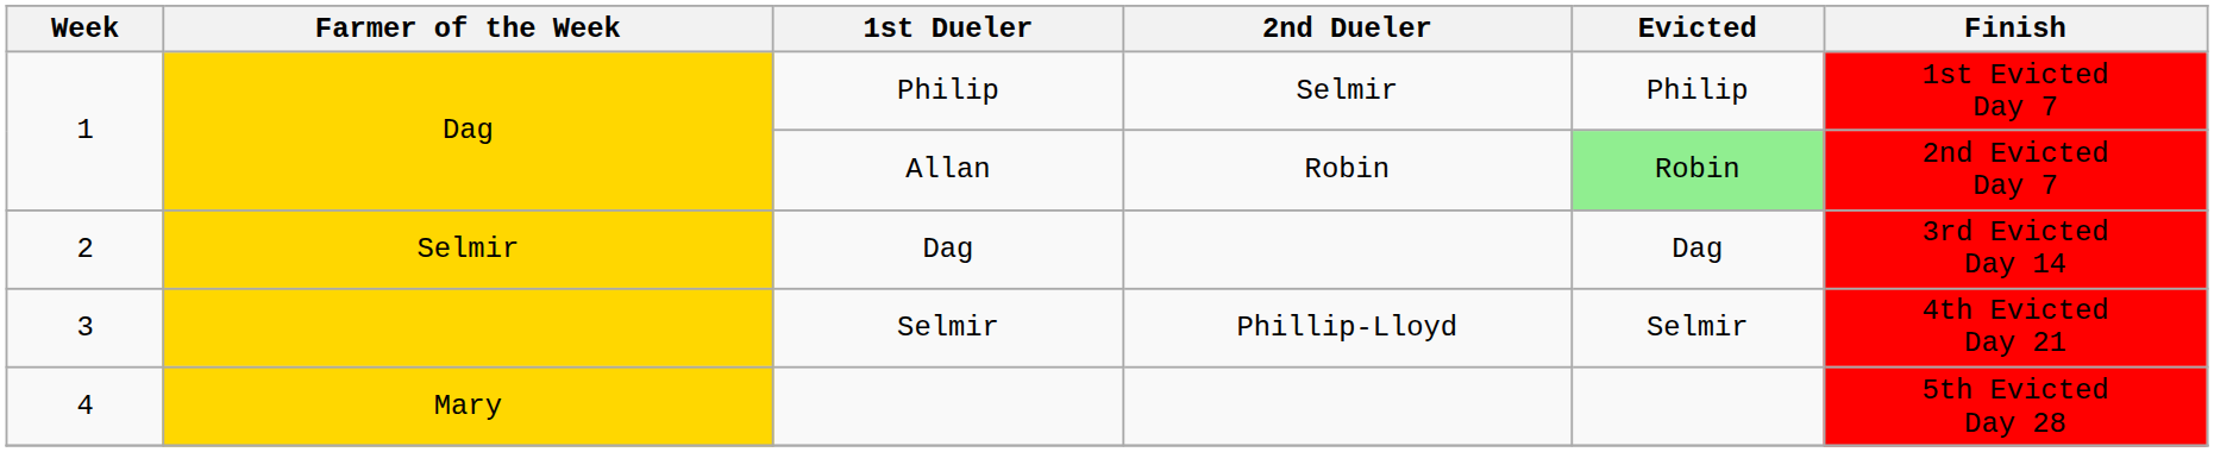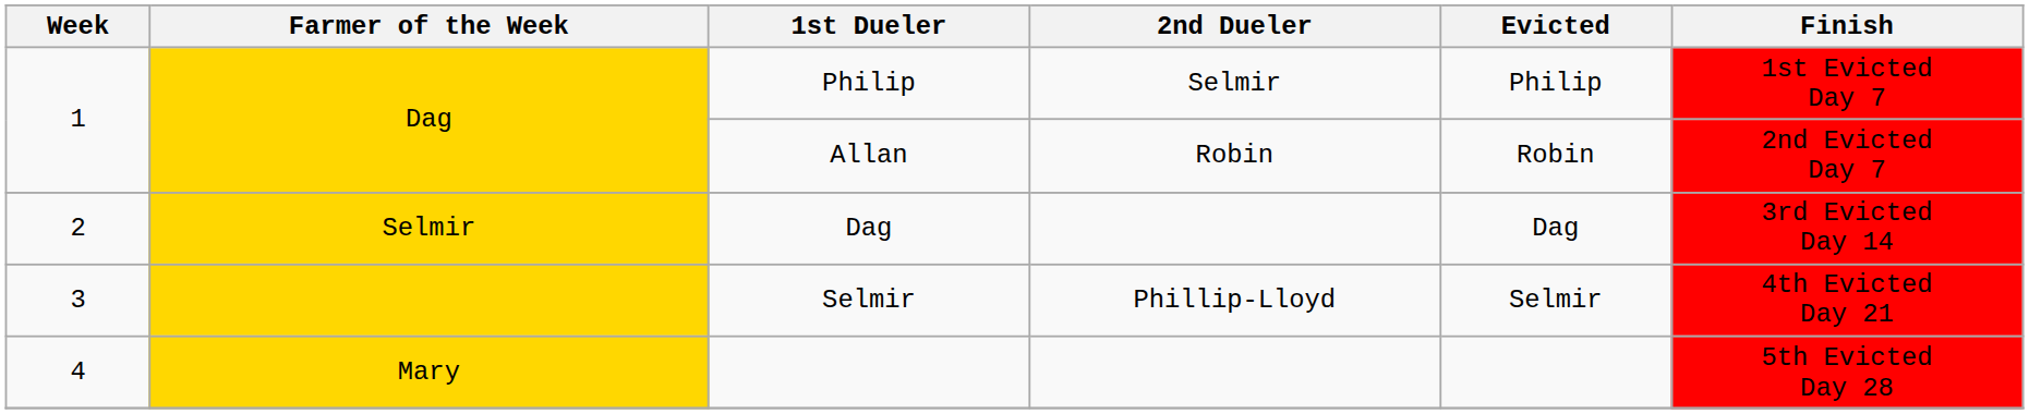 <table class="wikitable" style="font-size:100%; text-align:center; width: 80%; margin-left: auto; margin-right: auto;">
 <tr>
 <th>Week</th>
 <th>Farmer of the Week</th>
 <th>1st Dueler</th>
 <th>2nd Dueler</th>
 <th>Evicted</th>
 <th>Finish</th>
 </tr>
 <tr>
 <td rowspan="2">1</td>
 <td rowspan="2" style="background:gold;">Dag</td>
 <td rowspan="1">Philip</td>
 <td rowspan="1">Selmir</td>
 <td rowspan="1">Philip</td>
 <td rowspan="1" style="background:#ff0000">1st Evicted<br>Day 7</td>
 </tr>
 <tr>
 <td rowspan="1">Allan</td>
 <td rowspan="1">Robin</td>
-<td rowspan="1" style="background: lightgreen;">Robin</td>
+<td rowspan="1">Robin</td>
 <td rowspan="1" style="background:#ff0000">2nd Evicted<br>Day 7</td>
 </tr>
 <tr>
 <td>2</td>
 <td style="background:gold;">Selmir</td>
 <td>Dag</td>
 <td></td>
 <td>Dag</td>
 <td style="background:#ff0000">3rd Evicted<br>Day 14</td>
 </tr>
 <tr>
 <td>3</td>
 <td style="background:gold;"></td>
 <td>Selmir</td>
 <td>Phillip-Lloyd</td>
 <td>Selmir</td>
 <td style="background:#ff0000">4th Evicted<br>Day 21</td>
 </tr>
 <tr>
 <td>4</td>
 <td style="background:gold;">Mary</td>
 <td></td>
 <td></td>
 <td></td>
 <td style="background:#ff0000">5th Evicted<br>Day 28</td>
 </tr>
 <tr>
 </tr>
 </table>
